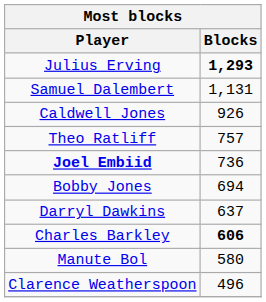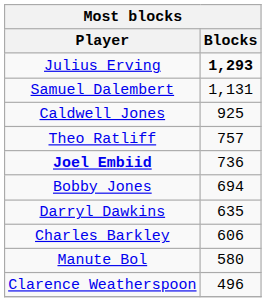 <table class="wikitable sortable" style="text-align:center">
 <tr>
 <th colspan="5" style="text-align:center; ">Most blocks</th>
 </tr>
 <tr>
 <th style="text-align:center; ">Player</th>
 <th style="text-align:center; ">Blocks</th>
 </tr>
 <tr>
 <td><a href='#'>Julius Erving</a></td>
 <td><strong>1,293</strong></td>
 </tr>
 <tr>
 <td><a href='#'>Samuel Dalembert</a></td>
 <td>1,131</td>
 </tr>
 <tr>
 <td><a href='#'>Caldwell Jones</a></td>
-<td>926</td>
+<td>925</td>
 </tr>
 <tr>
 <td><a href='#'>Theo Ratliff</a></td>
 <td>757</td>
 </tr>
 <tr>
 <td><strong><a href='#'>Joel Embiid</a></strong></td>
 <td>736</td>
 </tr>
 <tr>
 <td><a href='#'>Bobby Jones</a></td>
 <td>694</td>
 </tr>
 <tr>
 <td><a href='#'>Darryl Dawkins</a></td>
-<td>637</td>
+<td>635</td>
 </tr>
 <tr>
 <td><a href='#'>Charles Barkley</a></td>
-<td><strong>606</strong></td>
+<td>606</td>
 </tr>
 <tr>
 <td><a href='#'>Manute Bol</a></td>
 <td>580</td>
 </tr>
 <tr>
 <td><a href='#'>Clarence Weatherspoon</a></td>
 <td>496</td>
 </tr>
 <tr>
 </tr>
 </table>
